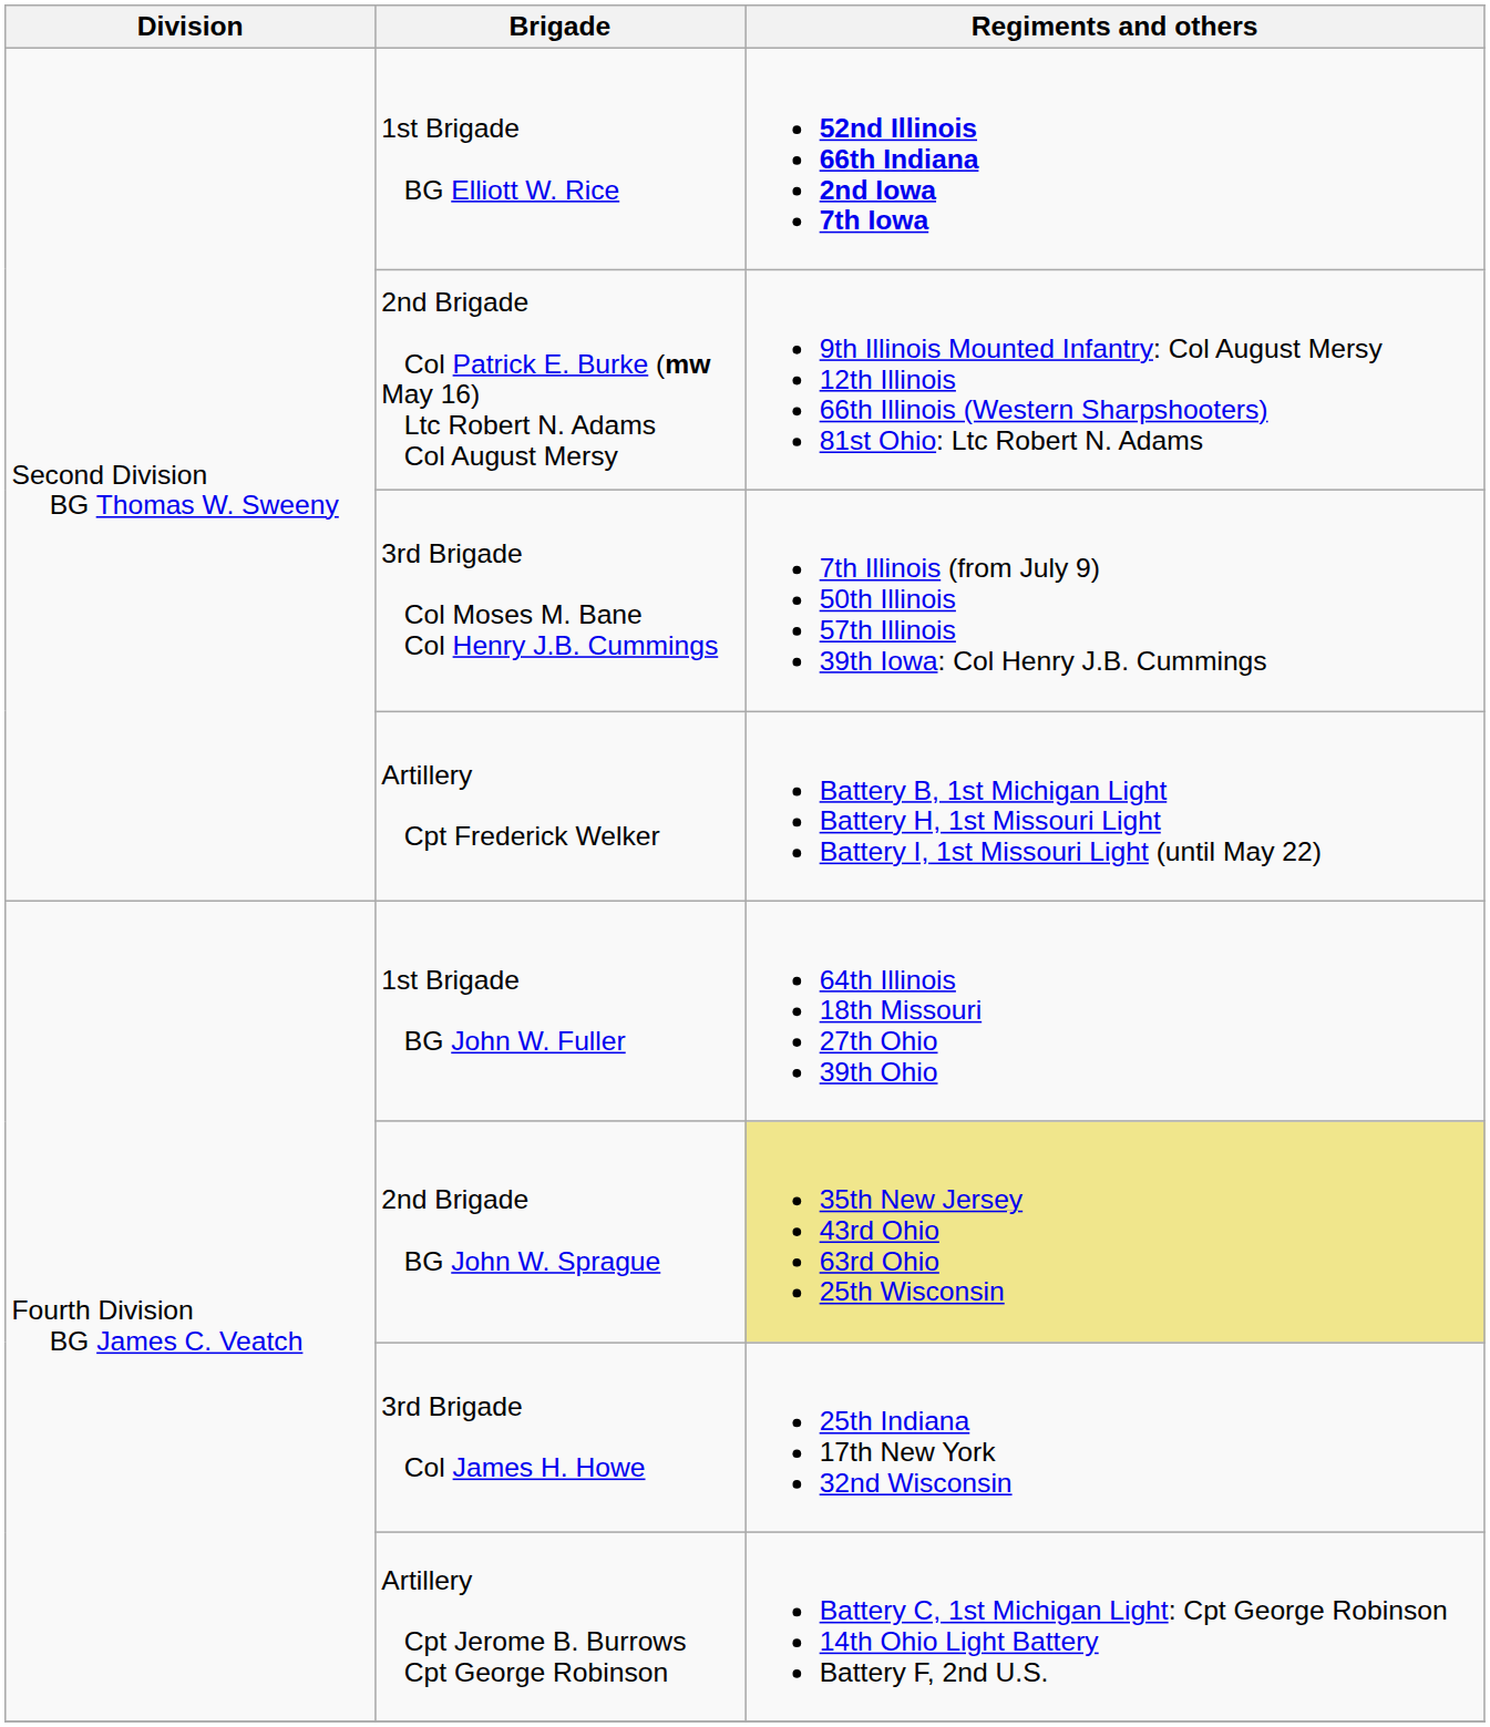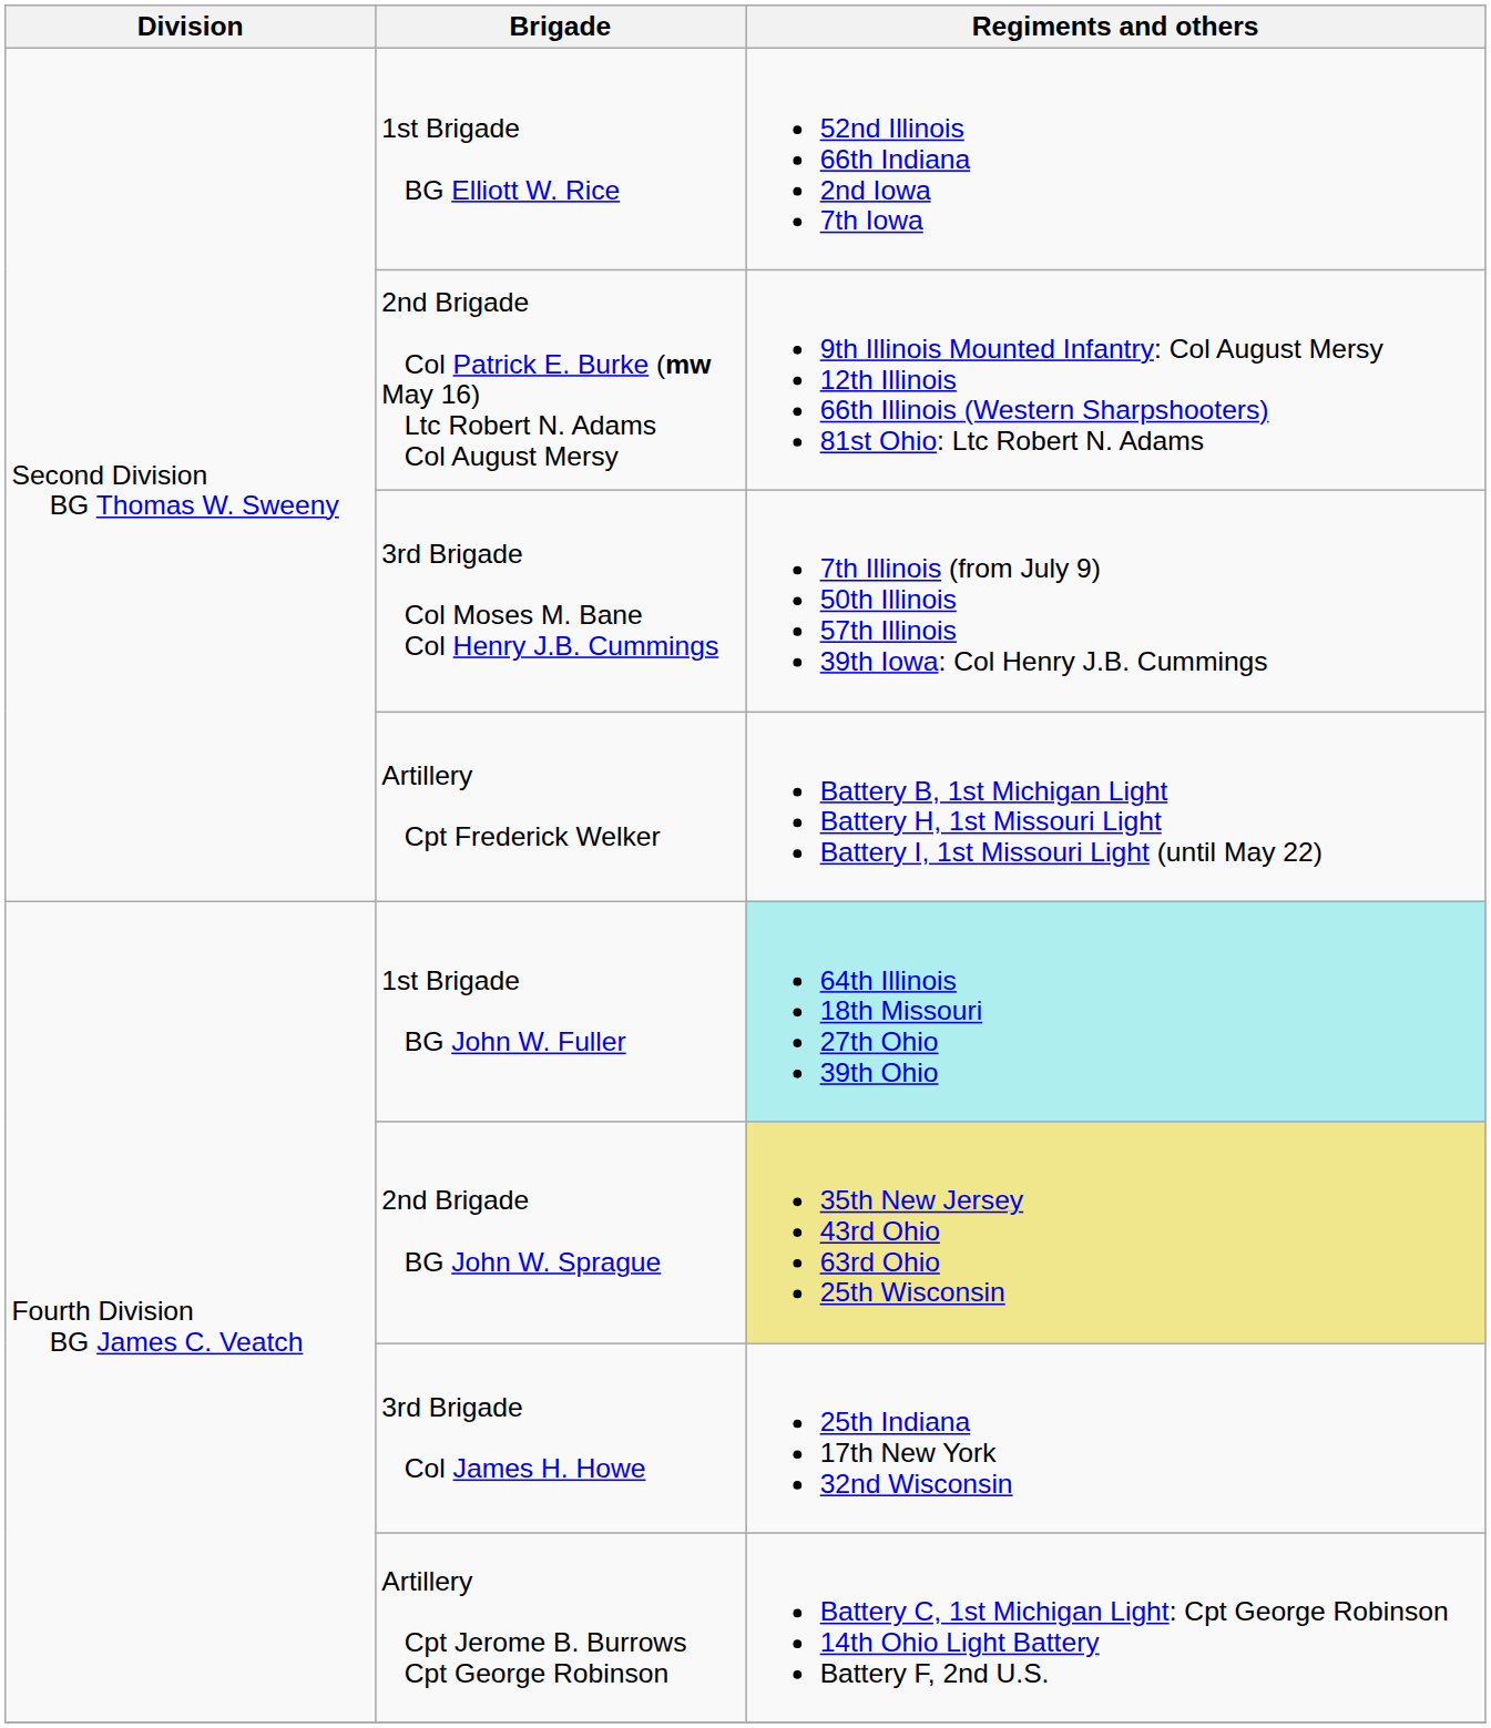 <table class="wikitable">
 <tr>
 <th width=25%>Division</th>
 <th width=25%>Brigade</th>
 <th>Regiments and others</th>
 </tr>
 <tr>
 <td rowspan=4><br>Second Division <br>     BG <a href='#'>Thomas W. Sweeny</a><br></td>
 <td>1st Brigade<br><br>   BG <a href='#'>Elliott W. Rice</a></td>
-<td><strong><br><ul><li><a href='#'>52nd Illinois</a></li><li><a href='#'>66th Indiana</a></li><li><a href='#'>2nd Iowa</a></li><li><a href='#'>7th Iowa</a></li></ul></strong></td>
+<td><br><ul><li><a href='#'>52nd Illinois</a></li><li><a href='#'>66th Indiana</a></li><li><a href='#'>2nd Iowa</a></li><li><a href='#'>7th Iowa</a></li></ul></td>
 </tr>
 <tr>
 <td>2nd Brigade<br><br>   Col <a href='#'>Patrick E. Burke</a> (<strong>mw</strong> May 16)<br>   Ltc Robert N. Adams<br>   Col August Mersy</td>
 <td><br><ul><li><a href='#'>9th Illinois Mounted Infantry</a>: Col August Mersy</li><li><a href='#'>12th Illinois</a></li><li><a href='#'>66th Illinois (Western Sharpshooters)</a></li><li><a href='#'>81st Ohio</a>: Ltc Robert N. Adams</li></ul></td>
 </tr>
 <tr>
 <td>3rd Brigade<br><br>   Col Moses M. Bane<br>   Col <a href='#'>Henry J.B. Cummings</a></td>
 <td><br><ul><li><a href='#'>7th Illinois</a> (from July 9)</li><li><a href='#'>50th Illinois</a></li><li><a href='#'>57th Illinois</a></li><li><a href='#'>39th Iowa</a>: Col Henry J.B. Cummings</li></ul></td>
 </tr>
 <tr>
 <td>Artillery<br><br>   Cpt Frederick Welker</td>
 <td><br><ul><li><a href='#'>Battery B, 1st Michigan Light</a></li><li><a href='#'>Battery H, 1st Missouri Light</a></li><li><a href='#'>Battery I, 1st Missouri Light</a> (until May 22)</li></ul></td>
 </tr>
 <tr>
 <td rowspan=4><br>Fourth Division <br>     BG <a href='#'>James C. Veatch</a><br></td>
 <td>1st Brigade<br><br>   BG <a href='#'>John W. Fuller</a></td>
-<td><br><ul><li><a href='#'>64th Illinois</a></li><li><a href='#'>18th Missouri</a></li><li><a href='#'>27th Ohio</a></li><li><a href='#'>39th Ohio</a></li></ul></td>
+<td style="background: paleturquoise;"><br><ul><li><a href='#'>64th Illinois</a></li><li><a href='#'>18th Missouri</a></li><li><a href='#'>27th Ohio</a></li><li><a href='#'>39th Ohio</a></li></ul></td>
 </tr>
 <tr>
 <td>2nd Brigade<br><br>   BG <a href='#'>John W. Sprague</a></td>
 <td style="background: khaki;"><br><ul><li><a href='#'>35th New Jersey</a></li><li><a href='#'>43rd Ohio</a></li><li><a href='#'>63rd Ohio</a></li><li><a href='#'>25th Wisconsin</a></li></ul></td>
 </tr>
 <tr>
 <td>3rd Brigade<br><br>   Col <a href='#'>James H. Howe</a></td>
 <td><br><ul><li><a href='#'>25th Indiana</a></li><li>17th New York</li><li><a href='#'>32nd Wisconsin</a></li></ul></td>
 </tr>
 <tr>
 <td>Artillery<br><br>   Cpt Jerome B. Burrows<br>   Cpt George Robinson</td>
 <td><br><ul><li><a href='#'>Battery C, 1st Michigan Light</a>: Cpt George Robinson</li><li><a href='#'>14th Ohio Light Battery</a></li><li>Battery F, 2nd U.S.</li></ul></td>
 </tr>
 <tr>
 </tr>
 </table>
